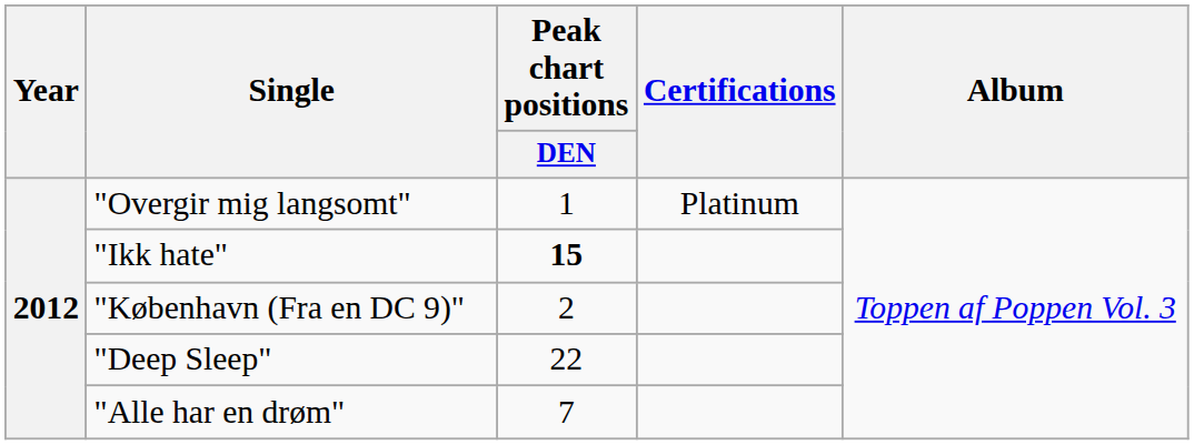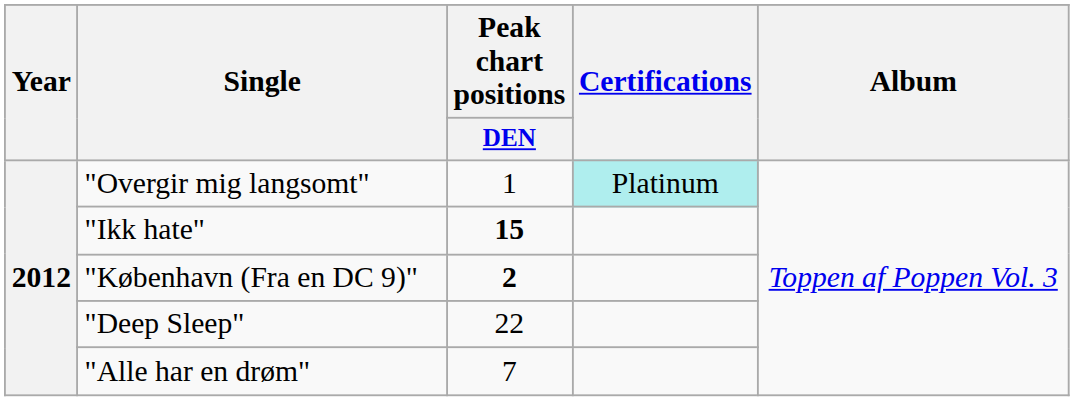 <table class="wikitable plainrowheaders" style="text-align:center;" border="1">
 <tr>
 <th scope="col" rowspan="2" style="width:2em;">Year</th>
 <th scope="col" rowspan="2" style="width:12em;">Single</th>
 <th scope="col" colspan="1">Peak chart positions</th>
 <th scope="col" rowspan="2" style="width:5em;"><a href='#'>Certifications</a></th>
 <th scope="col" rowspan="2" style="width:10em;">Album</th>
 </tr>
 <tr>
 <th scope="col" style="width:3em;font-size:85%;"><a href='#'>DEN</a><br></th>
 </tr>
 <tr>
 <th rowspan=5>2012</th>
 <td style="text-align:left;">"Overgir mig langsomt"</td>
 <td>1</td>
-<td>Platinum</td>
+<td style="background: paleturquoise;">Platinum</td>
 <td rowspan=5><em><a href='#'>Toppen af Poppen Vol. 3</a></em></td>
 </tr>
 <tr>
 <td style="text-align:left;">"Ikk hate"</td>
 <td><strong>15</strong></td>
 <td></td>
 </tr>
 <tr>
 <td style="text-align:left;">"København (Fra en DC 9)"</td>
-<td>2</td>
+<td><strong>2</strong></td>
 <td></td>
 </tr>
 <tr>
 <td style="text-align:left;">"Deep Sleep"</td>
 <td>22</td>
 <td></td>
 </tr>
 <tr>
 <td style="text-align:left;">"Alle har en drøm"</td>
 <td>7</td>
 <td></td>
 </tr>
 </table>
